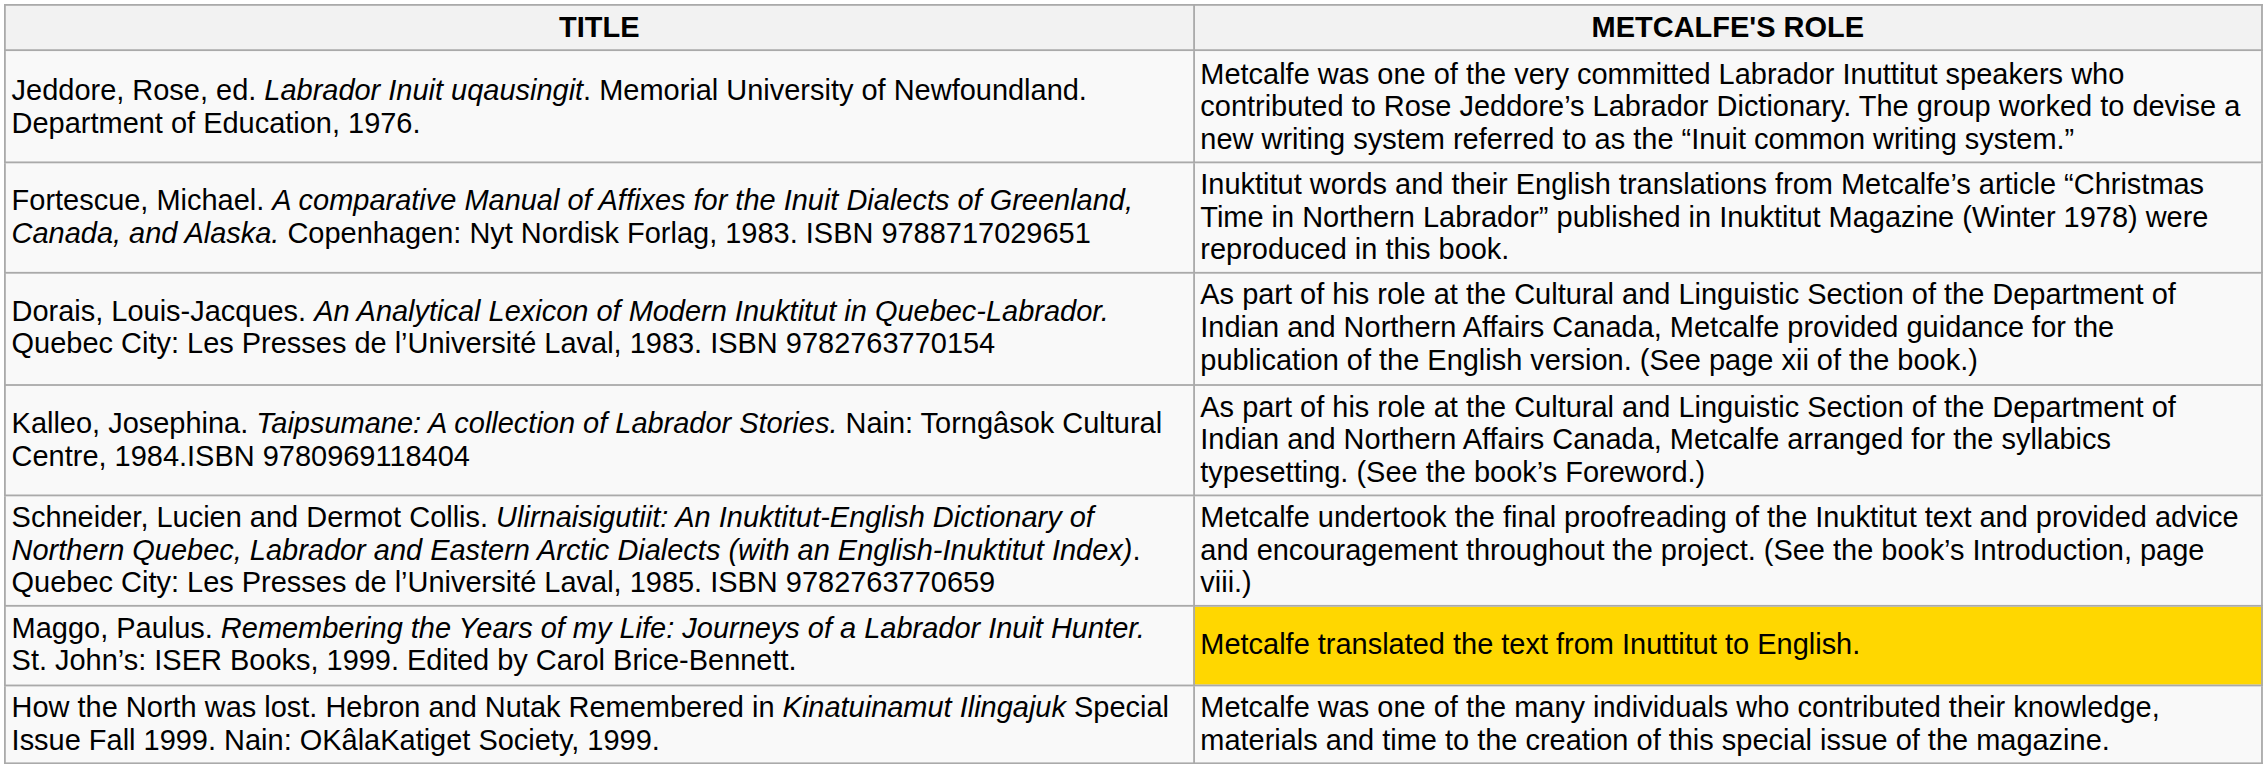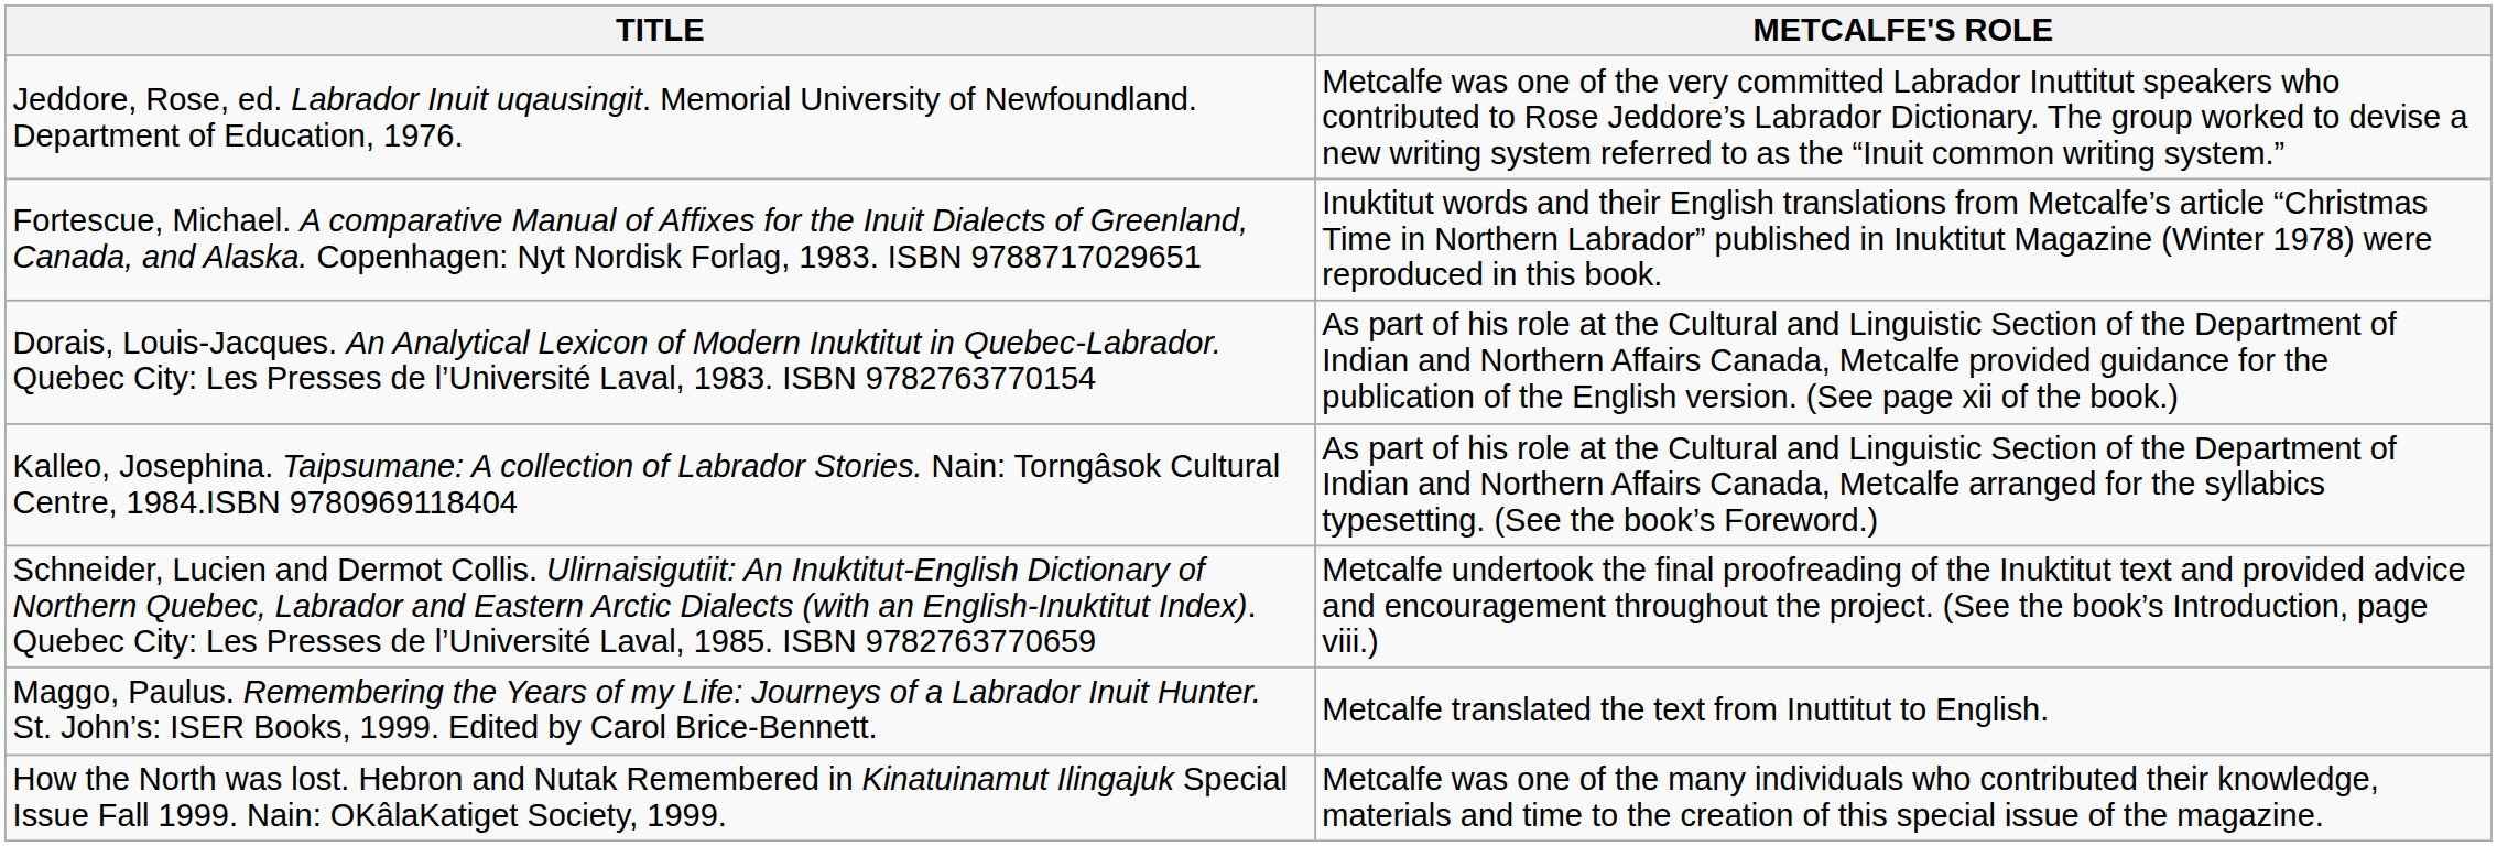 <table class="wikitable">
 <tr>
 <th>TITLE</th>
 <th>METCALFE'S ROLE</th>
 </tr>
 <tr>
 <td>Jeddore, Rose, ed. <em>Labrador Inuit uqausingit</em>. Memorial University of Newfoundland. Department of Education, 1976.</td>
 <td>Metcalfe was one of the very committed Labrador Inuttitut speakers who contributed to Rose Jeddore’s Labrador Dictionary. The group worked to devise a new writing system referred to as the “Inuit common writing system.”</td>
 </tr>
 <tr>
 <td>Fortescue, Michael.  <em>A comparative Manual of Affixes for the Inuit Dialects of Greenland, Canada, and Alaska.</em> Copenhagen: Nyt Nordisk Forlag, 1983. ISBN 9788717029651</td>
 <td>Inuktitut words and their English translations from Metcalfe’s article “Christmas Time in Northern Labrador” published in Inuktitut Magazine (Winter 1978) were reproduced in this book.</td>
 </tr>
 <tr>
 <td>Dorais, Louis-Jacques. <em>An Analytical Lexicon of Modern Inuktitut in Quebec-Labrador.</em> Quebec City: Les Presses de l’Université Laval, 1983. ISBN 9782763770154</td>
 <td>As part of his role at the Cultural and Linguistic Section of the Department of Indian and Northern Affairs Canada, Metcalfe provided guidance for the publication of the English version. (See page xii of the book.)</td>
 </tr>
 <tr>
 <td>Kalleo, Josephina. <em>Taipsumane: A collection of Labrador Stories.</em> Nain: Torngâsok Cultural Centre, 1984.ISBN 9780969118404</td>
 <td>As part of his role at the Cultural and Linguistic Section of the Department of Indian and Northern Affairs Canada, Metcalfe arranged for the syllabics typesetting. (See the book’s Foreword.)</td>
 </tr>
 <tr>
 <td>Schneider, Lucien and Dermot Collis. <em>Ulirnaisigutiit: An Inuktitut-English Dictionary of Northern Quebec, Labrador and Eastern Arctic Dialects (with an English-Inuktitut Index)</em>. Quebec City: Les Presses de l’Université Laval, 1985. ISBN 9782763770659</td>
 <td>Metcalfe undertook the final proofreading of the Inuktitut text and provided advice and encouragement throughout the project. (See the book’s Introduction, page viii.)</td>
 </tr>
 <tr>
 <td>Maggo, Paulus. <em>Remembering the Years of my Life: Journeys of a Labrador Inuit Hunter.</em> St. John’s: ISER Books, 1999. Edited by Carol Brice-Bennett.</td>
-<td style="background: gold;">Metcalfe translated the text from Inuttitut to English.</td>
+<td>Metcalfe translated the text from Inuttitut to English.</td>
 </tr>
 <tr>
 <td>How the North was lost. Hebron and Nutak Remembered in <em>Kinatuinamut Ilingajuk</em> Special Issue Fall 1999. Nain: OKâlaKatiget Society, 1999.</td>
 <td>Metcalfe was one of the many individuals who contributed their knowledge, materials and time to the creation of this special issue of the magazine.</td>
 </tr>
 </table>
